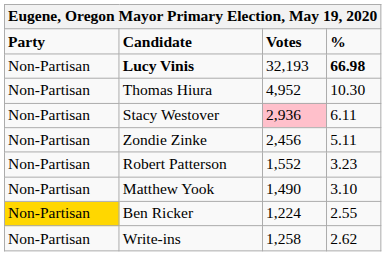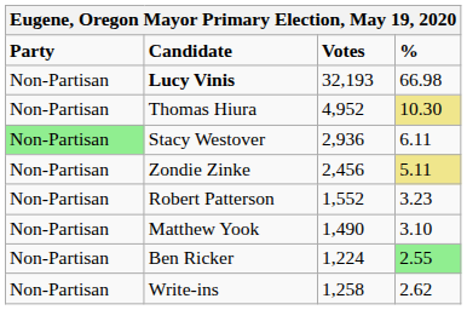 <table class="wikitable">
 <tr>
 <th colspan="4">Eugene, Oregon Mayor Primary Election, May 19, 2020</th>
 </tr>
 <tr>
 <td><strong>Party</strong></td>
 <td><strong>Candidate</strong></td>
 <td><strong>Votes</strong></td>
 <td><strong>%</strong></td>
 </tr>
 <tr>
 <td>Non-Partisan</td>
 <td><strong>Lucy Vinis</strong></td>
 <td>32,193</td>
-<td><strong>66.98</strong></td>
+<td>66.98</td>
 </tr>
 <tr>
 <td>Non-Partisan</td>
 <td>Thomas Hiura</td>
 <td>4,952</td>
-<td>10.30</td>
+<td style="background: khaki;">10.30</td>
 </tr>
 <tr>
-<td>Non-Partisan</td>
+<td style="background: lightgreen;">Non-Partisan</td>
 <td>Stacy Westover</td>
-<td style="background: pink;">2,936</td>
+<td>2,936</td>
 <td>6.11</td>
 </tr>
 <tr>
 <td>Non-Partisan</td>
 <td>Zondie Zinke</td>
 <td>2,456</td>
-<td>5.11</td>
+<td style="background: khaki;">5.11</td>
 </tr>
 <tr>
 <td>Non-Partisan</td>
 <td>Robert Patterson</td>
 <td>1,552</td>
 <td>3.23</td>
 </tr>
 <tr>
 <td>Non-Partisan</td>
 <td>Matthew Yook</td>
 <td>1,490</td>
 <td>3.10</td>
 </tr>
 <tr>
-<td style="background: gold;">Non-Partisan</td>
+<td>Non-Partisan</td>
 <td>Ben Ricker</td>
 <td>1,224</td>
-<td>2.55</td>
+<td style="background: lightgreen;">2.55</td>
 </tr>
 <tr>
 <td>Non-Partisan</td>
 <td>Write-ins</td>
 <td>1,258</td>
 <td>2.62</td>
 </tr>
 </table>
